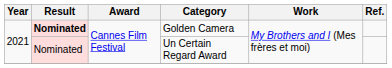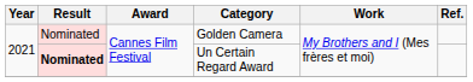 <table class="wikitable">
 <tr>
 <th>Year</th>
 <th>Result</th>
 <th>Award</th>
 <th>Category</th>
 <th>Work</th>
 <th>Ref.</th>
 </tr>
 <tr>
 <td rowspan="2">2021</td>
-<td style="background: #ffdddd"><strong>Nominated</strong></td>
+<td style="background: #ffdddd">Nominated</td>
 <td rowspan="2"><a href='#'>Cannes Film Festival</a></td>
 <td>Golden Camera</td>
 <td rowspan="2"><em><a href='#'>My Brothers and I</a></em> (Mes frères et moi)</td>
 <td></td>
 </tr>
 <tr>
-<td style="background: #ffdddd">Nominated</td>
+<td style="background: #ffdddd"><strong>Nominated</strong></td>
 <td>Un Certain Regard Award</td>
 <td></td>
 </tr>
 <tr>
 </tr>
 </table>
